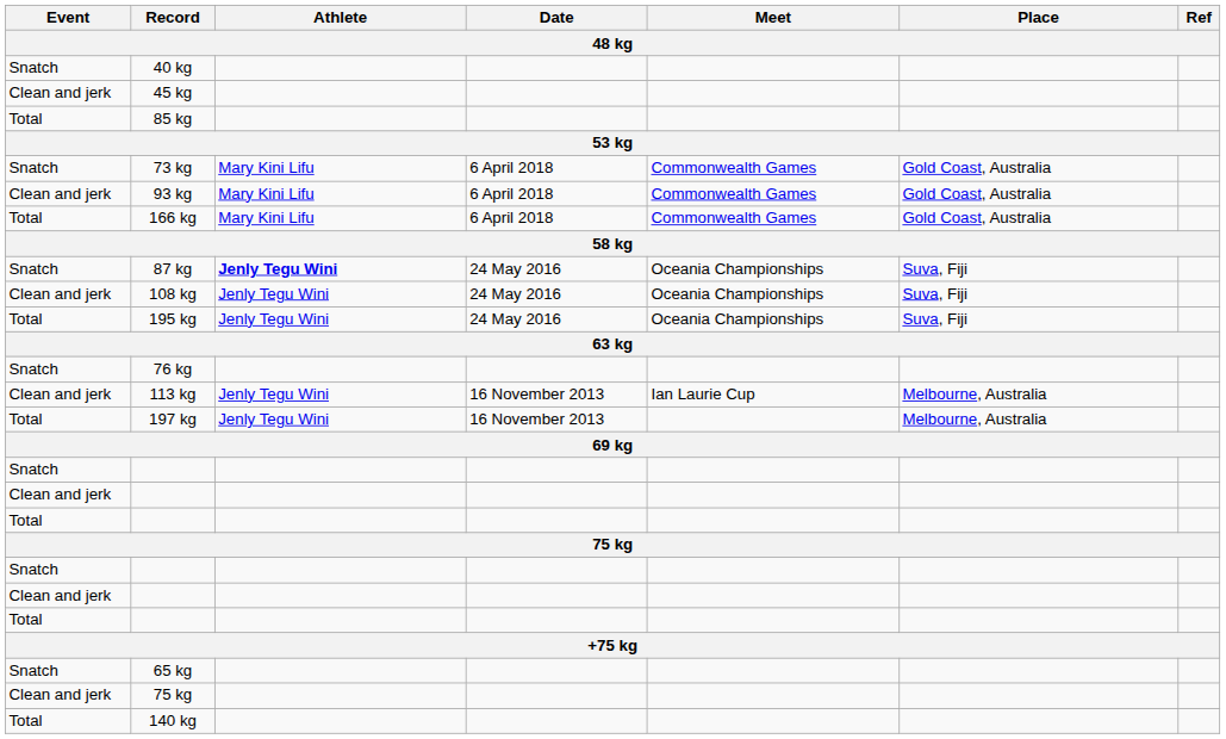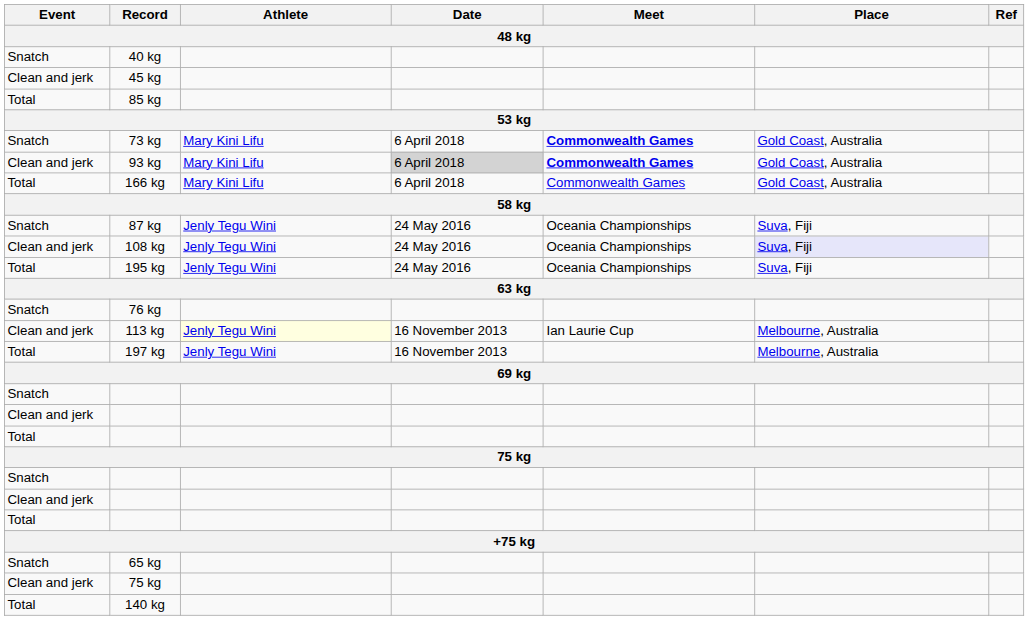 <table class="wikitable">
 <tr>
 <th width=9%>Event</th>
 <th width=6%>Record</th>
 <th width=18%>Athlete</th>
 <th width=13%>Date</th>
 <th width=18%>Meet</th>
 <th width=20%>Place</th>
 <th width=3%>Ref</th>
 </tr>
 <tr bgcolor="#DDDDDD">
 <th colspan="8">48 kg</th>
 </tr>
 <tr>
 <td>Snatch</td>
 <td align="center">40 kg</td>
 <td></td>
 <td></td>
 <td></td>
 <td></td>
 <td></td>
 </tr>
 <tr>
 <td>Clean and jerk</td>
 <td align="center">45 kg</td>
 <td></td>
 <td></td>
 <td></td>
 <td></td>
 <td></td>
 </tr>
 <tr>
 <td>Total</td>
 <td align="center">85 kg</td>
 <td></td>
 <td></td>
 <td></td>
 <td></td>
 <td></td>
 </tr>
 <tr bgcolor="#DDDDDD">
 <th colspan="8">53 kg</th>
 </tr>
 <tr>
 <td>Snatch</td>
 <td align="center">73 kg</td>
 <td><a href='#'>Mary Kini Lifu</a></td>
 <td>6 April 2018</td>
-<td><a href='#'>Commonwealth Games</a></td>
+<td><strong><a href='#'>Commonwealth Games</a></strong></td>
 <td><a href='#'>Gold Coast</a>, Australia</td>
 <td></td>
 </tr>
 <tr>
 <td>Clean and jerk</td>
 <td align="center">93 kg</td>
 <td><a href='#'>Mary Kini Lifu</a></td>
-<td>6 April 2018</td>
-<td><a href='#'>Commonwealth Games</a></td>
+<td style="background: lightgrey;">6 April 2018</td>
+<td><strong><a href='#'>Commonwealth Games</a></strong></td>
 <td><a href='#'>Gold Coast</a>, Australia</td>
 <td></td>
 </tr>
 <tr>
 <td>Total</td>
 <td align="center">166 kg</td>
 <td><a href='#'>Mary Kini Lifu</a></td>
 <td>6 April 2018</td>
 <td><a href='#'>Commonwealth Games</a></td>
 <td><a href='#'>Gold Coast</a>, Australia</td>
 <td></td>
 </tr>
 <tr bgcolor="#DDDDDD">
 <th colspan="8">58 kg</th>
 </tr>
 <tr>
 <td>Snatch</td>
 <td align="center">87 kg</td>
-<td><strong><a href='#'>Jenly Tegu Wini</a></strong></td>
+<td><a href='#'>Jenly Tegu Wini</a></td>
 <td>24 May 2016</td>
 <td>Oceania Championships</td>
 <td><a href='#'>Suva</a>, Fiji</td>
 <td></td>
 </tr>
 <tr>
 <td>Clean and jerk</td>
 <td align="center">108 kg</td>
 <td><a href='#'>Jenly Tegu Wini</a></td>
 <td>24 May 2016</td>
 <td>Oceania Championships</td>
-<td><a href='#'>Suva</a>, Fiji</td>
+<td style="background: lavender;"><a href='#'>Suva</a>, Fiji</td>
 <td></td>
 </tr>
 <tr>
 <td>Total</td>
 <td align="center">195 kg</td>
 <td><a href='#'>Jenly Tegu Wini</a></td>
 <td>24 May 2016</td>
 <td>Oceania Championships</td>
 <td><a href='#'>Suva</a>, Fiji</td>
 <td></td>
 </tr>
 <tr bgcolor="#DDDDDD">
 <th colspan="8">63 kg</th>
 </tr>
 <tr>
 <td>Snatch</td>
 <td align="center">76 kg</td>
 <td></td>
 <td></td>
 <td></td>
 <td></td>
 <td></td>
 </tr>
 <tr>
 <td>Clean and jerk</td>
 <td align="center">113 kg</td>
-<td><a href='#'>Jenly Tegu Wini</a></td>
+<td style="background: lightyellow;"><a href='#'>Jenly Tegu Wini</a></td>
 <td>16 November 2013</td>
 <td>Ian Laurie Cup</td>
 <td><a href='#'>Melbourne</a>, Australia</td>
 <td></td>
 </tr>
 <tr>
 <td>Total</td>
 <td align="center">197 kg</td>
 <td><a href='#'>Jenly Tegu Wini</a></td>
 <td>16 November 2013</td>
 <td></td>
 <td><a href='#'>Melbourne</a>, Australia</td>
 <td></td>
 </tr>
 <tr bgcolor="#DDDDDD">
 <th colspan="8">69 kg</th>
 </tr>
 <tr>
 <td>Snatch</td>
 <td></td>
 <td></td>
 <td></td>
 <td></td>
 <td></td>
 <td></td>
 </tr>
 <tr>
 <td>Clean and jerk</td>
 <td></td>
 <td></td>
 <td></td>
 <td></td>
 <td></td>
 <td></td>
 </tr>
 <tr>
 <td>Total</td>
 <td></td>
 <td></td>
 <td></td>
 <td></td>
 <td></td>
 <td></td>
 </tr>
 <tr bgcolor="#DDDDDD">
 <th colspan="8">75 kg</th>
 </tr>
 <tr>
 <td>Snatch</td>
 <td></td>
 <td></td>
 <td></td>
 <td></td>
 <td></td>
 <td></td>
 </tr>
 <tr>
 <td>Clean and jerk</td>
 <td></td>
 <td></td>
 <td></td>
 <td></td>
 <td></td>
 <td></td>
 </tr>
 <tr>
 <td>Total</td>
 <td></td>
 <td></td>
 <td></td>
 <td></td>
 <td></td>
 <td></td>
 </tr>
 <tr bgcolor="#DDDDDD">
 <th colspan="8">+75 kg</th>
 </tr>
 <tr>
 <td>Snatch</td>
 <td align="center">65 kg</td>
 <td></td>
 <td></td>
 <td></td>
 <td></td>
 <td></td>
 </tr>
 <tr>
 <td>Clean and jerk</td>
 <td align="center">75 kg</td>
 <td></td>
 <td></td>
 <td></td>
 <td></td>
 <td></td>
 </tr>
 <tr>
 <td>Total</td>
 <td align="center">140 kg</td>
 <td></td>
 <td></td>
 <td></td>
 <td></td>
 <td></td>
 </tr>
 </table>
